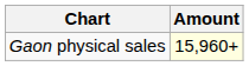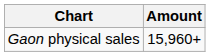 <table class="wikitable">
 <tr>
 <th>Chart</th>
 <th>Amount</th>
 </tr>
 <tr>
 <td><em>Gaon</em> physical sales</td>
-<td align="center" style="background: lightyellow;">15,960+</td>
+<td align="center">15,960+</td>
 </tr>
 </table>
